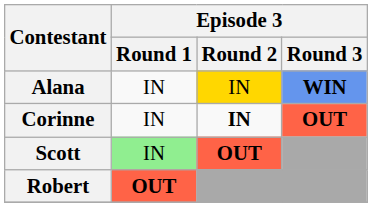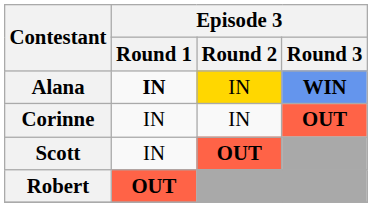 <table class="wikitable" style="text-align:center;font-size:100%">
 <tr>
 <th rowspan=2>Contestant</th>
 <th colspan=3>Episode 3</th>
 </tr>
 <tr>
 <th>Round 1</th>
 <th>Round 2</th>
 <th>Round 3</th>
 </tr>
 <tr>
 <th>Alana</th>
-<td>IN</td>
+<td><strong>IN</strong></td>
 <td style="background: gold;">IN</td>
 <td style="background:cornflowerblue;"><strong>WIN</strong></td>
 </tr>
 <tr>
 <th>Corinne</th>
 <td>IN</td>
-<td><strong>IN</strong></td>
+<td>IN</td>
 <td style="background:tomato;"><strong>OUT</strong></td>
 </tr>
 <tr>
 <th>Scott</th>
-<td style="background: lightgreen;">IN</td>
+<td>IN</td>
 <td style="background:tomato;"><strong>OUT</strong></td>
 <td colspan="3" style="background:darkgrey;"></td>
 </tr>
 <tr>
 <th>Robert</th>
 <td style="background:tomato;"><strong>OUT</strong></td>
 <td colspan="3" style="background:darkgrey;"></td>
 </tr>
 <tr>
 </tr>
 </table>
